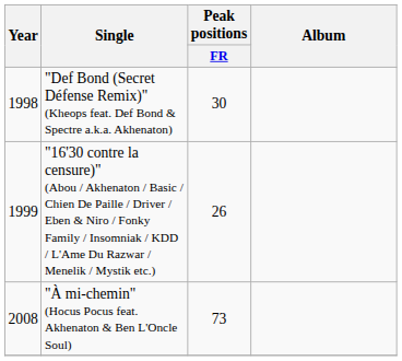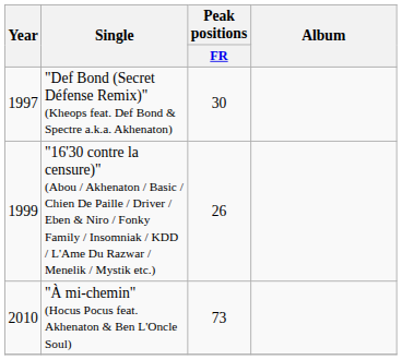 <table class="wikitable">
 <tr>
 <th align="center" rowspan="2" width="10">Year</th>
 <th align="center" rowspan="2" width="150">Single</th>
 <th align="center" colspan="1" width="20">Peak positions</th>
 <th align="center" rowspan="2" width="150">Album</th>
 </tr>
 <tr>
 <th scope="col" style="width:3em;font-size:90%;"><a href='#'>FR</a><br></th>
 </tr>
 <tr>
-<td style="text-align:center;">1998</td>
+<td style="text-align:center;">1997</td>
 <td>"Def Bond (Secret Défense Remix)"<br><small>(Kheops feat. Def Bond & Spectre a.k.a. Akhenaton)</small></td>
 <td style="text-align:center;">30</td>
 <td style="text-align:center;"></td>
 </tr>
 <tr>
 <td style="text-align:center;">1999</td>
 <td>"16'30 contre la censure)"<br><small>(Abou / Akhenaton / Basic / Chien De Paille / Driver / Eben & Niro / Fonky Family / Insomniak / KDD / L'Ame Du Razwar / Menelik / Mystik etc.)</small></td>
 <td style="text-align:center;">26</td>
 <td style="text-align:center;"></td>
 </tr>
 <tr>
-<td style="text-align:center;">2008</td>
+<td style="text-align:center;">2010</td>
 <td>"À mi-chemin"<br><small>(Hocus Pocus feat. Akhenaton & Ben L'Oncle Soul)</small></td>
 <td style="text-align:center;">73</td>
 <td style="text-align:center;"></td>
 </tr>
 <tr>
 </tr>
 </table>
